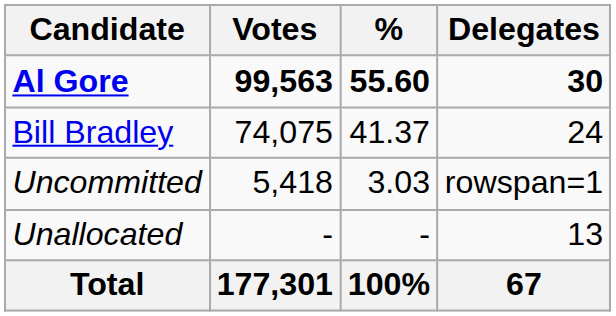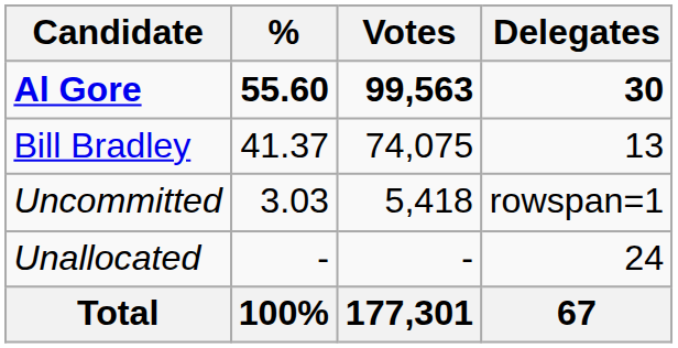 <table class="wikitable sortable" style="text-align:right;">
 <tr>
 <th>Candidate</th>
+<th>%</th>
 <th>Votes</th>
-<th>%</th>
 <th>Delegates</th>
 </tr>
 <tr>
 <td style="text-align:left;" data-sort-value="Gore, Al"><strong><a href='#'>Al Gore</a></strong></td>
+<td><strong>55.60</strong></td>
 <td><strong>99,563</strong></td>
-<td><strong>55.60</strong></td>
 <td><strong>30</strong></td>
 </tr>
 <tr>
 <td style="text-align:left;" data-sort-value="Bradley, Bill"><a href='#'>Bill Bradley</a></td>
+<td>41.37</td>
 <td>74,075</td>
-<td>41.37</td>
-<td>24</td>
+<td>13</td>
 </tr>
 <tr>
 <td style="text-align:left;" data-sort-value="ZZZ"><em>Uncommitted</em></td>
+<td>3.03</td>
 <td>5,418</td>
-<td>3.03</td>
 <td>rowspan=1 </td>
 </tr>
 <tr>
 <td style="text-align:left;" data-sort-value="ZZZ"><em>Unallocated</em></td>
 <td>-</td>
 <td>-</td>
-<td>13</td>
+<td>24</td>
 </tr>
 <tr>
 <th>Total</th>
+<th>100%</th>
 <th>177,301</th>
-<th>100%</th>
 <th>67</th>
 </tr>
 </table>
